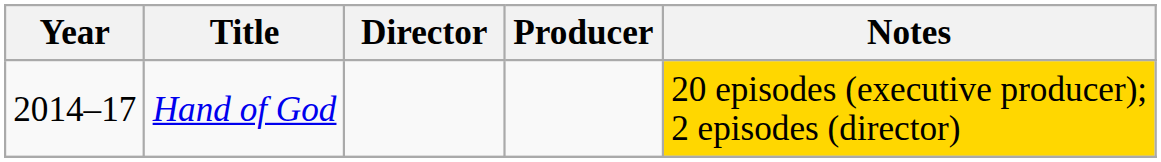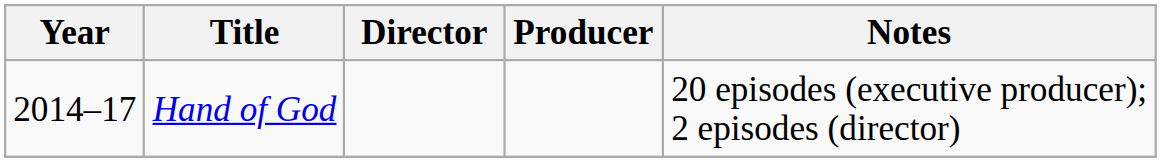 <table class="wikitable">
 <tr>
 <th>Year</th>
 <th>Title</th>
 <th width=65>Director</th>
 <th width=65>Producer</th>
 <th>Notes</th>
 </tr>
 <tr>
 <td>2014–17</td>
 <td><em><a href='#'>Hand of God</a></em></td>
 <td></td>
 <td></td>
-<td style="background: gold;">20 episodes (executive producer);<br>2 episodes (director)</td>
+<td>20 episodes (executive producer);<br>2 episodes (director)</td>
 </tr>
 <tr>
 </tr>
 </table>
